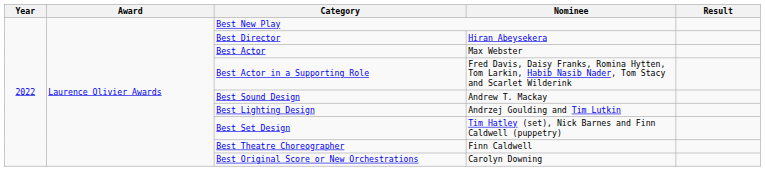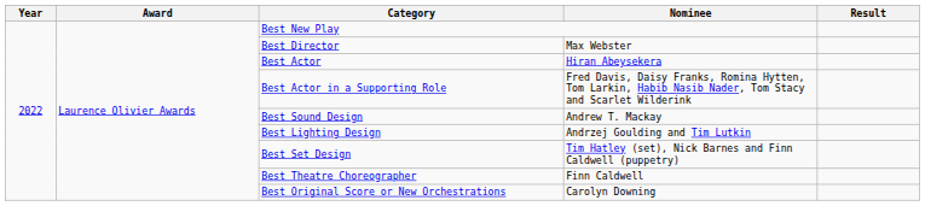 <table class="wikitable" width="95%">
 <tr>
 <th width="5%">Year</th>
 <th width="20%">Award</th>
 <th width="30%">Category</th>
 <th width="25%">Nominee</th>
 <th width="10%">Result</th>
 </tr>
 <tr>
 <td rowspan="9" align="center"><a href='#'>2022</a></td>
 <td rowspan="9"><a href='#'>Laurence Olivier Awards</a></td>
 <td colspan="2"><a href='#'>Best New Play</a></td>
 <td></td>
 </tr>
 <tr>
 <td><a href='#'>Best Director</a></td>
-<td><a href='#'>Hiran Abeysekera</a></td>
+<td>Max Webster</td>
 <td></td>
 </tr>
 <tr>
 <td><a href='#'>Best Actor</a></td>
-<td>Max Webster</td>
+<td><a href='#'>Hiran Abeysekera</a></td>
 <td></td>
 </tr>
 <tr>
 <td><a href='#'>Best Actor in a Supporting Role</a></td>
 <td>Fred Davis, Daisy Franks, Romina Hytten, Tom Larkin, <a href='#'>Habib Nasib Nader</a>, Tom Stacy and Scarlet Wilderink</td>
 <td></td>
 </tr>
 <tr>
 <td><a href='#'>Best Sound Design</a></td>
 <td>Andrew T. Mackay</td>
 <td></td>
 </tr>
 <tr>
 <td><a href='#'>Best Lighting Design</a></td>
 <td>Andrzej Goulding and <a href='#'>Tim Lutkin</a></td>
 <td></td>
 </tr>
 <tr>
 <td><a href='#'>Best Set Design</a></td>
 <td><a href='#'>Tim Hatley</a> (set), Nick Barnes and Finn Caldwell (puppetry)</td>
 <td></td>
 </tr>
 <tr>
 <td><a href='#'>Best Theatre Choreographer</a></td>
 <td>Finn Caldwell</td>
 <td></td>
 </tr>
 <tr>
 <td><a href='#'>Best Original Score or New Orchestrations</a></td>
 <td>Carolyn Downing</td>
 <td></td>
 </tr>
 </table>
